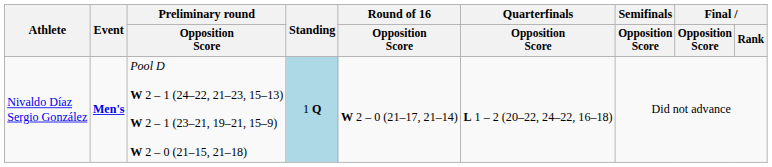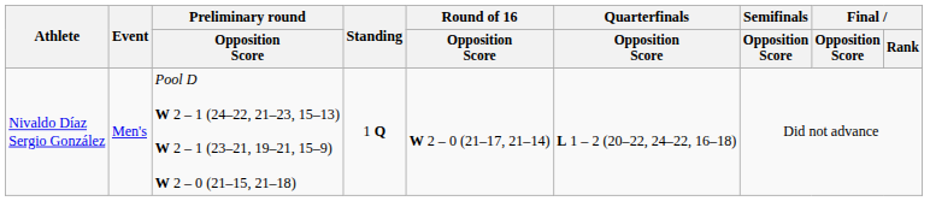 <table class=wikitable style="font-size:90%">
 <tr>
 <th rowspan="2">Athlete</th>
 <th rowspan="2">Event</th>
 <th>Preliminary round</th>
 <th rowspan="2">Standing</th>
 <th>Round of 16</th>
 <th>Quarterfinals</th>
 <th>Semifinals</th>
 <th colspan=2>Final / </th>
 </tr>
 <tr style="font-size:95%">
 <th>Opposition<br>Score</th>
 <th>Opposition<br>Score</th>
 <th>Opposition<br>Score</th>
 <th>Opposition<br>Score</th>
 <th>Opposition<br>Score</th>
 <th>Rank</th>
 </tr>
 <tr align=center>
 <td align=left><a href='#'>Nivaldo Díaz</a><br><a href='#'>Sergio González</a></td>
-<td align=left><strong><a href='#'>Men's</a></strong></td>
+<td align=left><a href='#'>Men's</a></td>
 <td align=left><em>Pool D</em><br><br><strong>W</strong> 2 – 1 (24–22, 21–23, 15–13)<br><br><strong>W</strong> 2 – 1 (23–21, 19–21, 15–9)<br><br><strong>W</strong> 2 – 0 (21–15, 21–18)</td>
-<td style="background: lightblue;">1 <strong>Q</strong></td>
+<td>1 <strong>Q</strong></td>
 <td><br><strong>W</strong> 2 – 0 (21–17, 21–14)</td>
 <td><br><strong>L</strong> 1 – 2 (20–22, 24–22, 16–18)</td>
 <td colspan=3>Did not advance</td>
 </tr>
 </table>
